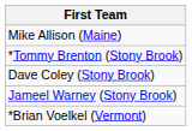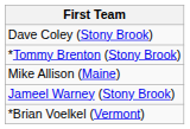 <table class="wikitable">
 <tr>
 <th>First Team</th>
 </tr>
 <tr>
-<td>Mike Allison (<a href='#'>Maine</a>)</td>
+<td>Dave Coley (<a href='#'>Stony Brook</a>)</td>
 </tr>
 <tr>
 <td>*<a href='#'>Tommy Brenton</a> (<a href='#'>Stony Brook</a>)</td>
 </tr>
 <tr>
-<td>Dave Coley (<a href='#'>Stony Brook</a>)</td>
+<td>Mike Allison (<a href='#'>Maine</a>)</td>
 </tr>
 <tr>
 <td><a href='#'>Jameel Warney</a> (<a href='#'>Stony Brook</a>)</td>
 </tr>
 <tr>
 <td>*Brian Voelkel (<a href='#'>Vermont</a>)</td>
 </tr>
 </table>
